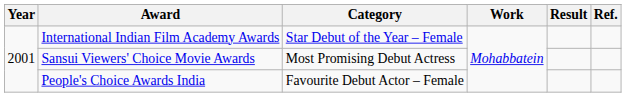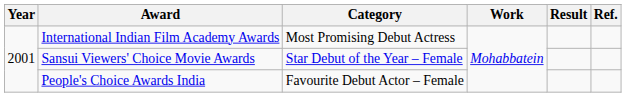 <table class="wikitable">
 <tr>
 <th>Year</th>
 <th>Award</th>
 <th>Category</th>
 <th>Work</th>
 <th>Result</th>
 <th>Ref.</th>
 </tr>
 <tr>
 <td rowspan="3">2001</td>
 <td><a href='#'>International Indian Film Academy Awards</a></td>
-<td><a href='#'>Star Debut of the Year – Female</a></td>
+<td>Most Promising Debut Actress</td>
 <td rowspan="3"><em><a href='#'>Mohabbatein</a></em></td>
 <td></td>
 <td></td>
 </tr>
 <tr>
 <td><a href='#'>Sansui Viewers' Choice Movie Awards</a></td>
-<td>Most Promising Debut Actress</td>
+<td><a href='#'>Star Debut of the Year – Female</a></td>
 <td></td>
 <td></td>
 </tr>
 <tr>
 <td><a href='#'>People's Choice Awards India</a></td>
 <td>Favourite Debut Actor – Female</td>
 <td></td>
 <td></td>
 </tr>
 </table>
